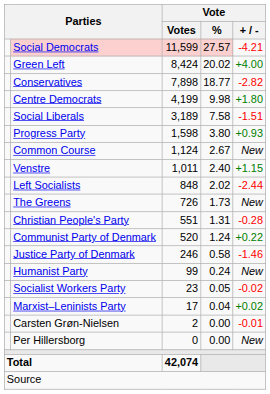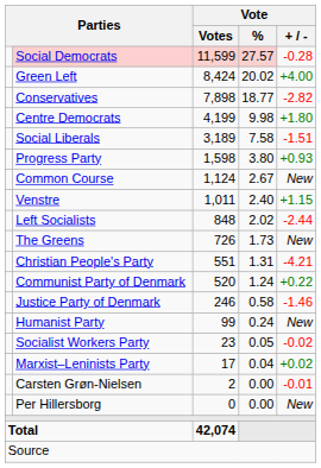 <table class="wikitable" style="text-align:right;">
 <tr>
 <th style="text-align:centre;" rowspan="2" colspan="2" width="225">Parties</th>
 <th colspan="3">Vote</th>
 </tr>
 <tr>
 <th width="15">Votes</th>
 <th width="15">%</th>
 <th width="15">+ / -</th>
 </tr>
 <tr>
 <td width="2" style="color:inherit;background:"></td>
 <td bgcolor=#fbd0ce  align="left"><a href='#'>Social Democrats</a></td>
 <td bgcolor=#fbd0ce>11,599</td>
 <td bgcolor=#fbd0ce>27.57</td>
-<td style=color:red;>-4.21</td>
+<td style=color:red;>-0.28</td>
 </tr>
 <tr>
 <td width="2" style="color:inherit;background:"></td>
 <td align="left"><a href='#'>Green Left</a></td>
 <td>8,424</td>
 <td>20.02</td>
 <td style=color:green;>+4.00</td>
 </tr>
 <tr>
 <td width="2" style="color:inherit;background:"></td>
 <td align="left"><a href='#'>Conservatives</a></td>
 <td>7,898</td>
 <td>18.77</td>
 <td style=color:red;>-2.82</td>
 </tr>
 <tr>
 <td width="2" style="color:inherit;background:"></td>
 <td align="left"><a href='#'>Centre Democrats</a></td>
 <td>4,199</td>
 <td>9.98</td>
 <td style=color:green;>+1.80</td>
 </tr>
 <tr>
 <td width="2" style="color:inherit;background:"></td>
 <td align="left"><a href='#'>Social Liberals</a></td>
 <td>3,189</td>
 <td>7.58</td>
 <td style=color:red;>-1.51</td>
 </tr>
 <tr>
 <td width="2" style="color:inherit;background:"></td>
 <td align="left"><a href='#'>Progress Party</a></td>
 <td>1,598</td>
 <td>3.80</td>
 <td style=color:green;>+0.93</td>
 </tr>
 <tr>
 <td width="2" style="color:inherit;background:"></td>
 <td align="left"><a href='#'>Common Course</a></td>
 <td>1,124</td>
 <td>2.67</td>
 <td><em>New</em></td>
 </tr>
 <tr>
 <td width="2" style="color:inherit;background:"></td>
 <td align="left"><a href='#'>Venstre</a></td>
 <td>1,011</td>
 <td>2.40</td>
 <td style=color:green;>+1.15</td>
 </tr>
 <tr>
 <td width="2" style="color:inherit;background:"></td>
 <td align="left"><a href='#'>Left Socialists</a></td>
 <td>848</td>
 <td>2.02</td>
 <td style=color:red;>-2.44</td>
 </tr>
 <tr>
 <td width="2" style="color:inherit;background:"></td>
 <td align="left"><a href='#'>The Greens</a></td>
 <td>726</td>
 <td>1.73</td>
 <td><em>New</em></td>
 </tr>
 <tr>
 <td width="2" style="color:inherit;background:"></td>
 <td align="left"><a href='#'>Christian People's Party</a></td>
 <td>551</td>
 <td>1.31</td>
-<td style=color:red;>-0.28</td>
+<td style=color:red;>-4.21</td>
 </tr>
 <tr>
 <td width="2" style="color:inherit;background:"></td>
 <td align="left"><a href='#'>Communist Party of Denmark</a></td>
 <td>520</td>
 <td>1.24</td>
 <td style=color:green;>+0.22</td>
 </tr>
 <tr>
 <td width="2" style="color:inherit;background:"></td>
 <td align="left"><a href='#'>Justice Party of Denmark</a></td>
 <td>246</td>
 <td>0.58</td>
 <td style=color:red;>-1.46</td>
 </tr>
 <tr>
 <td width="2" style="color:inherit;background:"></td>
 <td align="left"><a href='#'>Humanist Party</a></td>
 <td>99</td>
 <td>0.24</td>
 <td><em>New</em></td>
 </tr>
 <tr>
 <td width="2" style="color:inherit;background:"></td>
 <td align="left"><a href='#'>Socialist Workers Party</a></td>
 <td>23</td>
 <td>0.05</td>
 <td style=color:red;>-0.02</td>
 </tr>
 <tr>
 <td width="2" style="color:inherit;background:"></td>
 <td align="left"><a href='#'>Marxist–Leninists Party</a></td>
 <td>17</td>
 <td>0.04</td>
 <td style=color:green;>+0.02</td>
 </tr>
 <tr>
 <td width="2" style="color:inherit;background:"></td>
 <td align="left">Carsten Grøn-Nielsen</td>
 <td>2</td>
 <td>0.00</td>
 <td style=color:red;>-0.01</td>
 </tr>
 <tr>
 <td width="2" style="color:inherit;background:"></td>
 <td align="left">Per Hillersborg</td>
 <td>0</td>
 <td>0.00</td>
 <td><em>New</em></td>
 </tr>
 <tr>
 <td colspan="7" bgcolor="#E9E9E9"></td>
 </tr>
 <tr>
 <td align="left" colspan="2"><strong>Total</strong></td>
 <td><strong>42,074</strong></td>
 <td bgcolor="#E9E9E9" colspan="2"></td>
 </tr>
 <tr>
 <td align="left" colspan="6">Source</td>
 </tr>
 </table>
